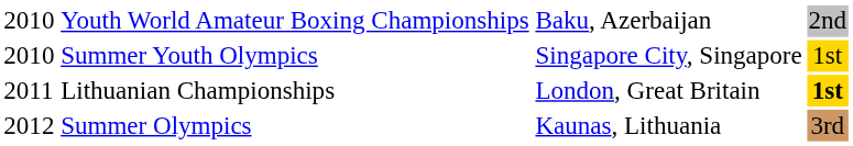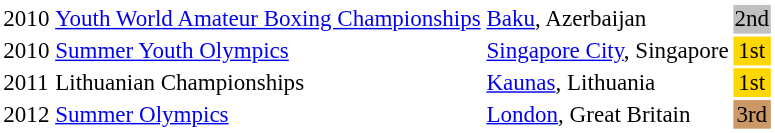 <table>
 <tr>
 <td>2010</td>
 <td><a href='#'>Youth World Amateur Boxing Championships</a></td>
 <td><a href='#'>Baku</a>, Azerbaijan</td>
 <td bgcolor=silver align="center">2nd</td>
 <td></td>
 </tr>
 <tr>
 <td>2010</td>
 <td><a href='#'>Summer Youth Olympics</a></td>
 <td><a href='#'>Singapore City</a>, Singapore</td>
 <td bgcolor=gold align="center">1st</td>
 <td></td>
 </tr>
 <tr>
 <td>2011</td>
 <td>Lithuanian Championships</td>
-<td><a href='#'>London</a>, Great Britain</td>
-<td bgcolor=gold align="center"><strong>1st</strong></td>
+<td><a href='#'>Kaunas</a>, Lithuania</td>
+<td bgcolor=gold align="center">1st</td>
 <td></td>
 </tr>
 <tr>
 <td>2012</td>
 <td><a href='#'>Summer Olympics</a></td>
-<td><a href='#'>Kaunas</a>, Lithuania</td>
+<td><a href='#'>London</a>, Great Britain</td>
 <td bgcolor=cc9966 align="center">3rd</td>
 <td></td>
 </tr>
 </table>
